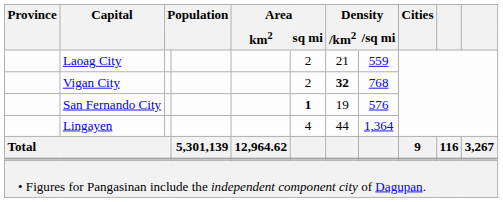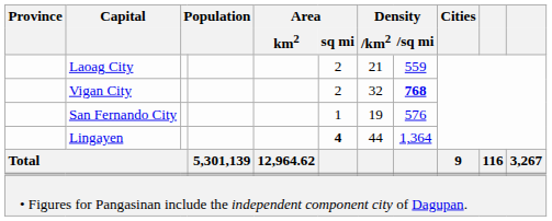 <table class="wikitable sortable" style="background-color:#FDFDFD;text-align:center;font-size:90%;">
 <tr>
 <th scope="col" style="border-bottom:none;" class="unsortable">Province</th>
 <th scope="col" style="border-bottom:none;" class="unsortable">Capital</th>
 <th scope="col" style="border-bottom:none;white-space:nowrap;" class="unsortable" colspan=2>Population </th>
 <th scope="col" style="border-bottom:none;" colspan=2>Area</th>
 <th scope="col" style="border-bottom:none;" colspan=2>Density</th>
 <th scope="col" style="border-bottom:none;" class="unsortable">Cities</th>
 <th scope="col" style="border-bottom:none;" class="unsortable"></th>
 <th scope="col" style="border-bottom:none;" class="unsortable"></th>
 </tr>
 <tr>
 <th scope="col" style="border-top:none;"></th>
 <th scope="col" style="border-top:none;"></th>
 <th scope="col" style="border-top:none;" colspan=2></th>
 <th scope="col" style="border-style:none none solid solid;">km<sup>2</sup></th>
 <th scope="col" style="border-style:none solid solid none;white-space:nowrap;" class="unsortable">sq mi</th>
 <th scope="col" style="border-style:none none solid solid;">/km<sup>2</sup></th>
 <th scope="col" style="border-style:none solid solid none;white-space:nowrap;" class="unsortable">/sq mi</th>
 <th scope="col" style="border-top:none;"></th>
 <th scope="col" style="border-top:none;"></th>
 <th scope="col" style="border-top:none;"></th>
 </tr>
 <tr>
 <th scope="row" style="text-align:left;background-color:initial;"></th>
 <td style="text-align:left;"><a href='#'>Laoag City</a></td>
 <td></td>
 <td></td>
 <td></td>
 <td>2</td>
 <td>21</td>
 <td><a href='#'>559</a></td>
 </tr>
 <tr>
 <th scope="row" style="text-align:left;background-color:initial;"></th>
 <td style="text-align:left;"><a href='#'>Vigan City</a></td>
 <td></td>
 <td></td>
 <td></td>
 <td>2</td>
-<td><strong>32</strong></td>
-<td><a href='#'>768</a></td>
+<td>32</td>
+<td><strong><a href='#'>768</a></strong></td>
 </tr>
 <tr>
 <th scope="row" style="text-align:left;background-color:initial;"></th>
 <td style="text-align:left;"><a href='#'>San Fernando City</a></td>
 <td></td>
 <td></td>
 <td></td>
-<td><strong>1</strong></td>
+<td>1</td>
 <td>19</td>
 <td><a href='#'>576</a></td>
 </tr>
 <tr>
 <th scope="row" style="text-align:left;background-color:initial;"></th>
 <td style="text-align:left;"><a href='#'>Lingayen</a></td>
 <td></td>
 <td></td>
 <td></td>
-<td>4</td>
+<td><strong>4</strong></td>
 <td>44</td>
 <td><a href='#'>1,364</a></td>
 </tr>
 <tr class="sortbottom">
 <th scope="row" style="text-align:left;" colspan=3>Total</th>
 <th scope="col" style="text-align:right;">5,301,139</th>
 <th scope="col" style="text-align:right;">12,964.62</th>
 <th scope="col"></th>
 <th scope="col" style="text-align:right;"></th>
 <th scope="col" style="text-align:right;"></th>
 <th scope="col">9</th>
 <th scope="col">116</th>
 <th scope="col">3,267</th>
 </tr>
 <tr class="sortbottom" style="text-align:left;background-color:#F2F2F2;border-top:double grey;">
 <td style="padding-left:1em;" colspan=13><br>• Figures for Pangasinan include the <em>independent component city</em> of <a href='#'>Dagupan</a>.</td>
 </tr>
 </table>
